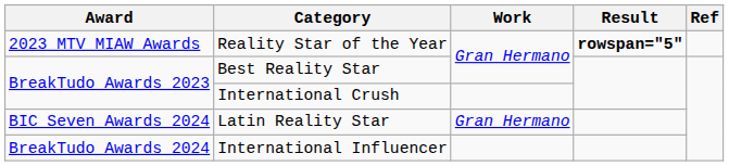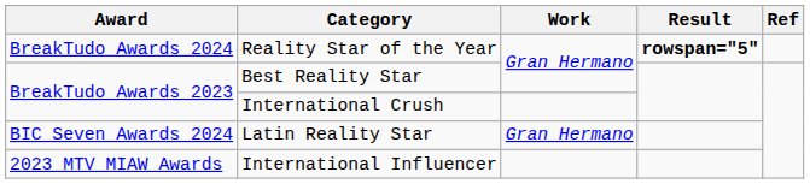 <table class="wikitable">
 <tr>
 <th>Award</th>
 <th>Category</th>
 <th>Work</th>
 <th>Result</th>
 <th>Ref</th>
 </tr>
 <tr>
-<td><a href='#'>2023 MTV MIAW Awards</a></td>
+<td><a href='#'>BreakTudo Awards 2024</a></td>
 <td>Reality Star of the Year</td>
 <td rowspan="2"><em><a href='#'>Gran Hermano</a></em></td>
 <td><strong>rowspan="5" </strong></td>
 <td></td>
 </tr>
 <tr>
 <td rowspan="2"><a href='#'>BreakTudo Awards 2023</a></td>
 <td>Best Reality Star</td>
 <td rowspan="2"></td>
 </tr>
 <tr>
 <td>International Crush</td>
 <td></td>
 </tr>
 <tr>
 <td><a href='#'>BIC Seven Awards 2024</a></td>
 <td>Latin Reality Star</td>
 <td><em><a href='#'>Gran Hermano</a></em></td>
 <td></td>
 </tr>
 <tr>
-<td><a href='#'>BreakTudo Awards 2024</a></td>
+<td><a href='#'>2023 MTV MIAW Awards</a></td>
 <td>International Influencer</td>
 <td></td>
 <td></td>
 </tr>
 </table>
